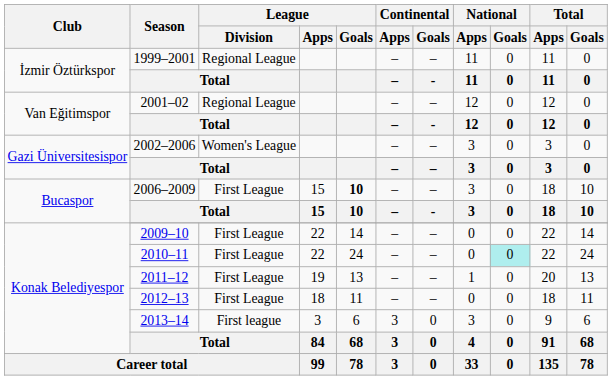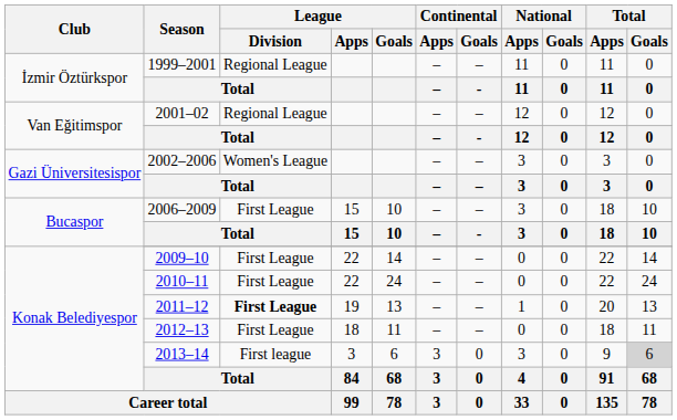 <table class="wikitable" style="text-align: center;">
 <tr>
 <th rowspan="2">Club</th>
 <th rowspan="2">Season</th>
 <th colspan="3">League</th>
 <th colspan="2">Continental</th>
 <th colspan="2">National</th>
 <th colspan="2">Total</th>
 </tr>
 <tr>
 <th>Division</th>
 <th>Apps</th>
 <th>Goals</th>
 <th>Apps</th>
 <th>Goals</th>
 <th>Apps</th>
 <th>Goals</th>
 <th>Apps</th>
 <th>Goals</th>
 </tr>
 <tr>
 <td rowspan=2>İzmir Öztürkspor</td>
 <td>1999–2001</td>
 <td>Regional League</td>
 <td></td>
 <td></td>
 <td>–</td>
 <td>–</td>
 <td>11</td>
 <td>0</td>
 <td>11</td>
 <td>0</td>
 </tr>
 <tr>
 <th colspan="2">Total</th>
 <th></th>
 <th></th>
 <th>–</th>
 <th>-</th>
 <th>11</th>
 <th>0</th>
 <th>11</th>
 <th>0</th>
 </tr>
 <tr>
 <td rowspan=2>Van Eğitimspor</td>
 <td>2001–02</td>
 <td>Regional League</td>
 <td></td>
 <td></td>
 <td>–</td>
 <td>–</td>
 <td>12</td>
 <td>0</td>
 <td>12</td>
 <td>0</td>
 </tr>
 <tr>
 <th colspan="2">Total</th>
 <th></th>
 <th></th>
 <th>–</th>
 <th>-</th>
 <th>12</th>
 <th>0</th>
 <th>12</th>
 <th>0</th>
 </tr>
 <tr>
 <td rowspan=2><a href='#'>Gazi Üniversitesispor</a></td>
 <td>2002–2006</td>
 <td>Women's League</td>
 <td></td>
 <td></td>
 <td>–</td>
 <td>–</td>
 <td>3</td>
 <td>0</td>
 <td>3</td>
 <td>0</td>
 </tr>
 <tr>
 <th colspan="2">Total</th>
 <th></th>
 <th></th>
 <th>–</th>
 <th>–</th>
 <th>3</th>
 <th>0</th>
 <th>3</th>
 <th>0</th>
 </tr>
 <tr>
 <td rowspan=2><a href='#'>Bucaspor</a></td>
 <td>2006–2009</td>
 <td>First League</td>
 <td>15</td>
-<td><strong>10</strong></td>
+<td>10</td>
 <td>–</td>
 <td>–</td>
 <td>3</td>
 <td>0</td>
 <td>18</td>
 <td>10</td>
 </tr>
 <tr>
 <th colspan="2">Total</th>
 <th>15</th>
 <th>10</th>
 <th>–</th>
 <th>-</th>
 <th>3</th>
 <th>0</th>
 <th>18</th>
 <th>10</th>
 </tr>
 <tr>
 <td rowspan=7><a href='#'>Konak Belediyespor</a></td>
 </tr>
 <tr>
 <td><a href='#'>2009–10</a></td>
 <td>First League</td>
 <td>22</td>
 <td>14</td>
 <td>–</td>
 <td>–</td>
 <td>0</td>
 <td>0</td>
 <td>22</td>
 <td>14</td>
 </tr>
 <tr>
 <td><a href='#'>2010–11</a></td>
 <td>First League</td>
 <td>22</td>
 <td>24</td>
 <td>–</td>
 <td>–</td>
 <td>0</td>
-<td style="background: paleturquoise;">0</td>
+<td>0</td>
 <td>22</td>
 <td>24</td>
 </tr>
 <tr>
 <td><a href='#'>2011–12</a></td>
-<td>First League</td>
+<td><strong>First League</strong></td>
 <td>19</td>
 <td>13</td>
 <td>–</td>
 <td>–</td>
 <td>1</td>
 <td>0</td>
 <td>20</td>
 <td>13</td>
 </tr>
 <tr>
 <td><a href='#'>2012–13</a></td>
 <td>First League</td>
 <td>18</td>
 <td>11</td>
 <td>–</td>
 <td>–</td>
 <td>0</td>
 <td>0</td>
 <td>18</td>
 <td>11</td>
 </tr>
 <tr>
 <td><a href='#'>2013–14</a></td>
 <td>First league</td>
 <td>3</td>
 <td>6</td>
 <td>3</td>
 <td>0</td>
 <td>3</td>
 <td>0</td>
 <td>9</td>
-<td>6</td>
+<td style="background: lightgrey;">6</td>
 </tr>
 <tr>
 <th colspan="2">Total</th>
 <th>84</th>
 <th>68</th>
 <th>3</th>
 <th>0</th>
 <th>4</th>
 <th>0</th>
 <th>91</th>
 <th>68</th>
 </tr>
 <tr>
 <th colspan="3">Career total</th>
 <th>99</th>
 <th>78</th>
 <th>3</th>
 <th>0</th>
 <th>33</th>
 <th>0</th>
 <th>135</th>
 <th>78</th>
 </tr>
 </table>
